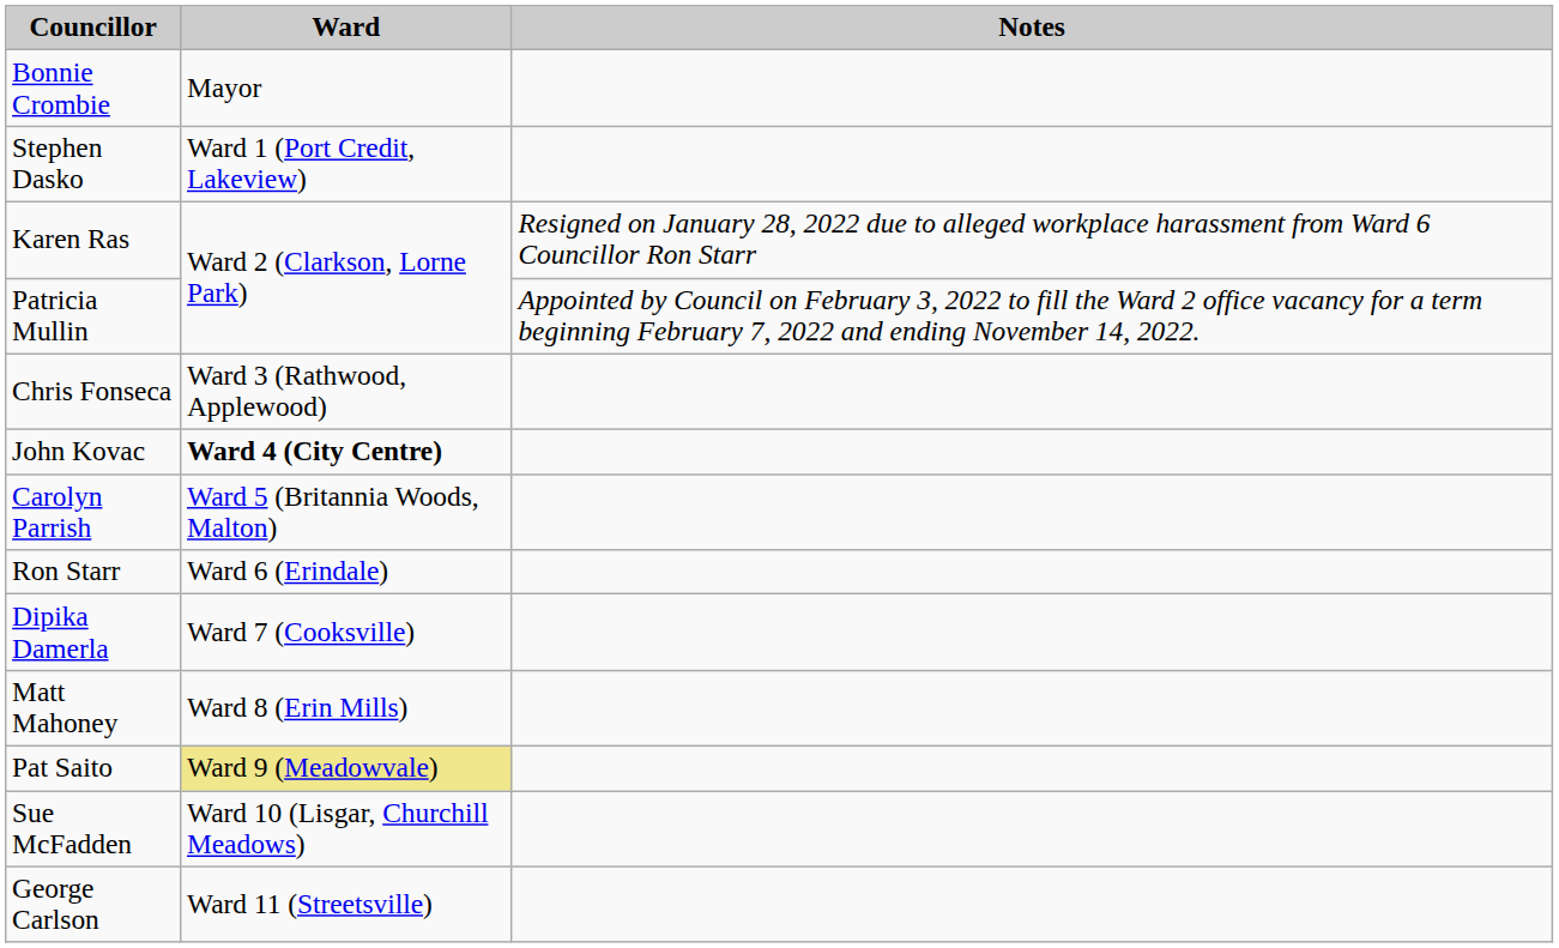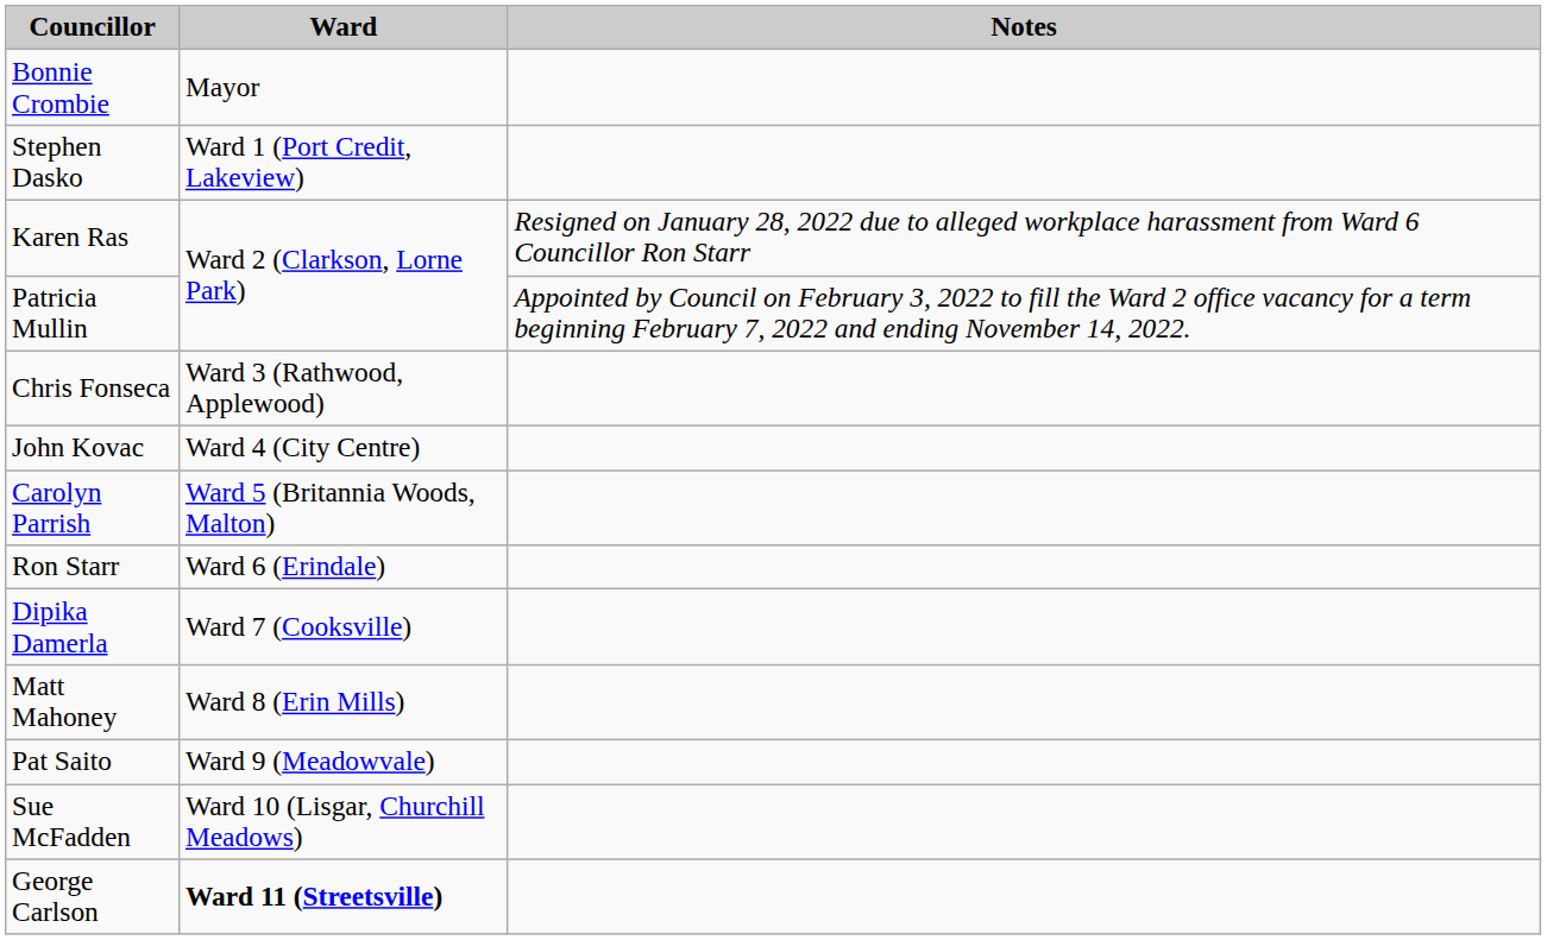 <table class="wikitable" width=70%>
 <tr>
 <th style="background:#cccccc;"><strong>Councillor</strong></th>
 <th style="background:#cccccc;"><strong>Ward</strong></th>
 <th style="background:#cccccc;"><strong>Notes</strong></th>
 </tr>
 <tr>
 <td><a href='#'>Bonnie Crombie</a></td>
 <td>Mayor</td>
 <td></td>
 </tr>
 <tr>
 <td>Stephen Dasko</td>
 <td>Ward 1 (<a href='#'>Port Credit</a>, <a href='#'>Lakeview</a>)</td>
 <td></td>
 </tr>
 <tr>
 <td>Karen Ras</td>
 <td rowspan="2">Ward 2 (<a href='#'>Clarkson</a>, <a href='#'>Lorne Park</a>)</td>
 <td><em>Resigned on January 28, 2022 due to alleged workplace harassment from Ward 6 Councillor Ron Starr</em></td>
 </tr>
 <tr>
 <td>Patricia Mullin</td>
 <td><em>Appointed by Council on February 3, 2022 to fill the Ward 2 office vacancy for a term beginning February 7, 2022 and ending November 14, 2022.</em></td>
 </tr>
 <tr>
 <td>Chris Fonseca</td>
 <td>Ward 3 (Rathwood, Applewood)</td>
 <td></td>
 </tr>
 <tr>
 <td>John Kovac</td>
-<td><strong>Ward 4 (City Centre)</strong></td>
+<td>Ward 4 (City Centre)</td>
 <td></td>
 </tr>
 <tr>
 <td><a href='#'>Carolyn Parrish</a></td>
 <td><a href='#'>Ward 5</a> (Britannia Woods, <a href='#'>Malton</a>)</td>
 <td></td>
 </tr>
 <tr>
 <td>Ron Starr</td>
 <td>Ward 6 (<a href='#'>Erindale</a>)</td>
 <td></td>
 </tr>
 <tr>
 <td><a href='#'>Dipika Damerla</a></td>
 <td>Ward 7 (<a href='#'>Cooksville</a>)</td>
 <td></td>
 </tr>
 <tr>
 <td>Matt Mahoney</td>
 <td>Ward 8 (<a href='#'>Erin Mills</a>)</td>
 <td></td>
 </tr>
 <tr>
 <td>Pat Saito</td>
-<td style="background: khaki;">Ward 9 (<a href='#'>Meadowvale</a>)</td>
+<td>Ward 9 (<a href='#'>Meadowvale</a>)</td>
 <td></td>
 </tr>
 <tr>
 <td>Sue McFadden</td>
 <td>Ward 10 (Lisgar, <a href='#'>Churchill Meadows</a>)</td>
 <td></td>
 </tr>
 <tr>
 <td>George Carlson</td>
-<td>Ward 11 (<a href='#'>Streetsville</a>)</td>
+<td><strong>Ward 11 (<a href='#'>Streetsville</a>)</strong></td>
 <td></td>
 </tr>
 </table>
